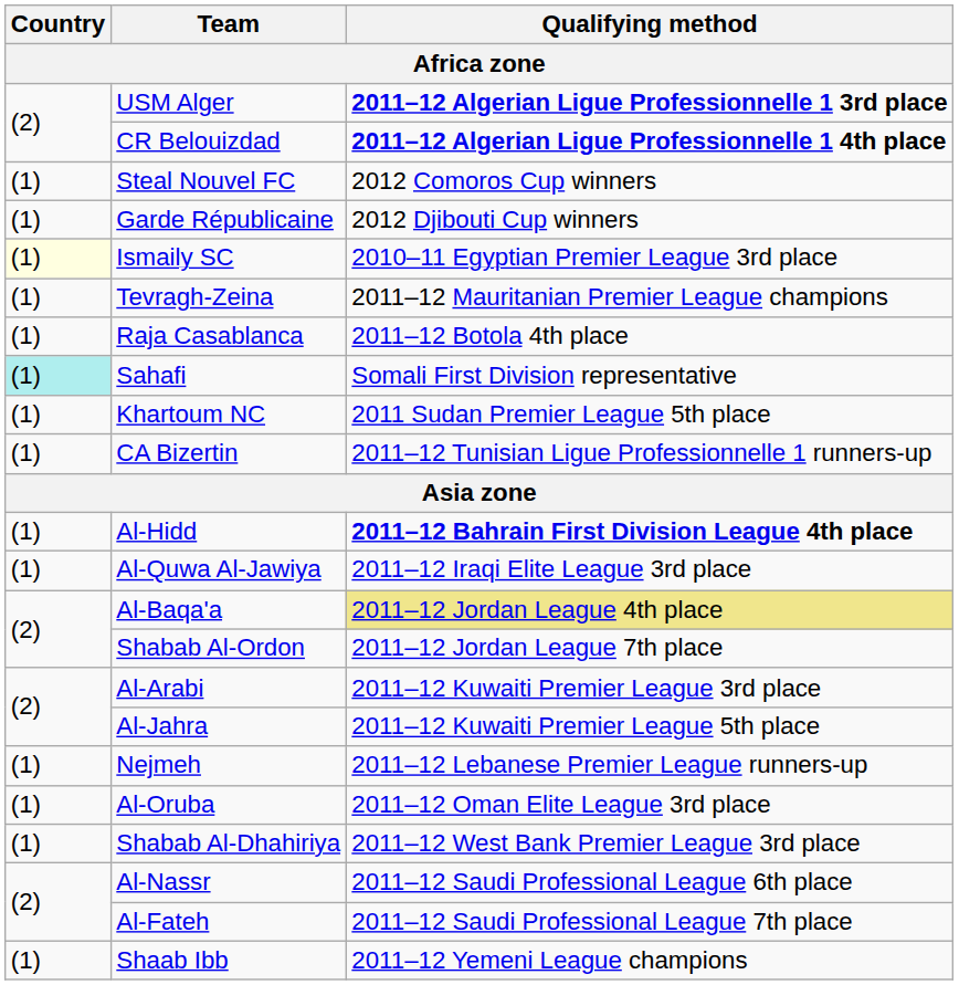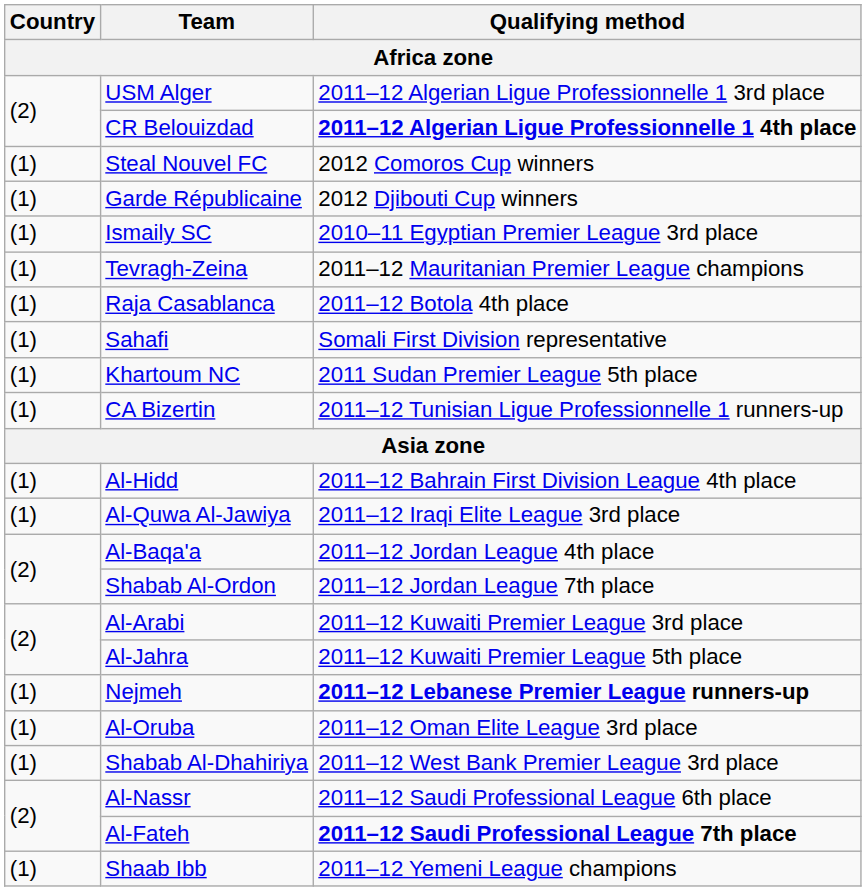 <table class="wikitable">
 <tr>
 <th>Country</th>
 <th>Team</th>
 <th>Qualifying method</th>
 </tr>
 <tr>
 <th colspan=4>Africa zone</th>
 </tr>
 <tr>
 <td rowspan=2> (2)</td>
 <td><a href='#'>USM Alger</a></td>
-<td><strong><a href='#'>2011–12 Algerian Ligue Professionnelle 1</a> 3rd place</strong></td>
+<td><a href='#'>2011–12 Algerian Ligue Professionnelle 1</a> 3rd place</td>
 </tr>
 <tr>
 <td><a href='#'>CR Belouizdad</a></td>
 <td><strong><a href='#'>2011–12 Algerian Ligue Professionnelle 1</a> 4th place</strong></td>
 </tr>
 <tr>
 <td> (1)</td>
 <td><a href='#'>Steal Nouvel FC</a></td>
 <td>2012 <a href='#'>Comoros Cup</a> winners</td>
 </tr>
 <tr>
 <td> (1)</td>
 <td><a href='#'>Garde Républicaine</a></td>
 <td>2012 <a href='#'>Djibouti Cup</a> winners</td>
 </tr>
 <tr>
-<td style="background: lightyellow;"> (1)</td>
+<td> (1)</td>
 <td><a href='#'>Ismaily SC</a></td>
 <td><a href='#'>2010–11 Egyptian Premier League</a> 3rd place</td>
 </tr>
 <tr>
 <td> (1)</td>
 <td><a href='#'>Tevragh-Zeina</a></td>
 <td>2011–12 <a href='#'>Mauritanian Premier League</a> champions</td>
 </tr>
 <tr>
 <td> (1)</td>
 <td><a href='#'>Raja Casablanca</a></td>
 <td><a href='#'>2011–12 Botola</a> 4th place</td>
 </tr>
 <tr>
-<td style="background: paleturquoise;"> (1)</td>
+<td> (1)</td>
 <td><a href='#'>Sahafi</a></td>
 <td><a href='#'>Somali First Division</a> representative</td>
 </tr>
 <tr>
 <td> (1)</td>
 <td><a href='#'>Khartoum NC</a></td>
 <td><a href='#'>2011 Sudan Premier League</a> 5th place</td>
 </tr>
 <tr>
 <td> (1)</td>
 <td><a href='#'>CA Bizertin</a></td>
 <td><a href='#'>2011–12 Tunisian Ligue Professionnelle 1</a> runners-up</td>
 </tr>
 <tr>
 <th colspan=4>Asia zone</th>
 </tr>
 <tr>
 <td> (1)</td>
 <td><a href='#'>Al-Hidd</a></td>
-<td><strong><a href='#'>2011–12 Bahrain First Division League</a> 4th place</strong></td>
+<td><a href='#'>2011–12 Bahrain First Division League</a> 4th place</td>
 </tr>
 <tr>
 <td> (1)</td>
 <td><a href='#'>Al-Quwa Al-Jawiya</a></td>
 <td><a href='#'>2011–12 Iraqi Elite League</a> 3rd place</td>
 </tr>
 <tr>
 <td rowspan=2> (2)</td>
 <td><a href='#'>Al-Baqa'a</a></td>
-<td style="background: khaki;"><a href='#'>2011–12 Jordan League</a> 4th place</td>
+<td><a href='#'>2011–12 Jordan League</a> 4th place</td>
 </tr>
 <tr>
 <td><a href='#'>Shabab Al-Ordon</a></td>
 <td><a href='#'>2011–12 Jordan League</a> 7th place</td>
 </tr>
 <tr>
 <td rowspan=2> (2)</td>
 <td><a href='#'>Al-Arabi</a></td>
 <td><a href='#'>2011–12 Kuwaiti Premier League</a> 3rd place</td>
 </tr>
 <tr>
 <td><a href='#'>Al-Jahra</a></td>
 <td><a href='#'>2011–12 Kuwaiti Premier League</a> 5th place</td>
 </tr>
 <tr>
 <td> (1)</td>
 <td><a href='#'>Nejmeh</a></td>
-<td><a href='#'>2011–12 Lebanese Premier League</a> runners-up</td>
+<td><strong><a href='#'>2011–12 Lebanese Premier League</a> runners-up</strong></td>
 </tr>
 <tr>
 <td> (1)</td>
 <td><a href='#'>Al-Oruba</a></td>
 <td><a href='#'>2011–12 Oman Elite League</a> 3rd place</td>
 </tr>
 <tr>
 <td> (1)</td>
 <td><a href='#'>Shabab Al-Dhahiriya</a></td>
 <td><a href='#'>2011–12 West Bank Premier League</a> 3rd place</td>
 </tr>
 <tr>
 <td rowspan=2> (2)</td>
 <td><a href='#'>Al-Nassr</a></td>
 <td><a href='#'>2011–12 Saudi Professional League</a> 6th place</td>
 </tr>
 <tr>
 <td><a href='#'>Al-Fateh</a></td>
-<td><a href='#'>2011–12 Saudi Professional League</a> 7th place</td>
+<td><strong><a href='#'>2011–12 Saudi Professional League</a> 7th place</strong></td>
 </tr>
 <tr>
 <td> (1)</td>
 <td><a href='#'>Shaab Ibb</a></td>
 <td><a href='#'>2011–12 Yemeni League</a> champions</td>
 </tr>
 </table>
